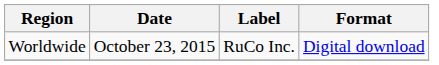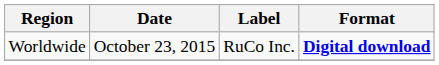 <table class=wikitable>
 <tr>
 <th>Region</th>
 <th>Date</th>
 <th>Label</th>
 <th>Format</th>
 </tr>
 <tr>
 <td>Worldwide</td>
 <td>October 23, 2015</td>
 <td>RuCo Inc.</td>
-<td><a href='#'>Digital download</a></td>
+<td><strong><a href='#'>Digital download</a></strong></td>
 </tr>
 <tr>
 </tr>
 </table>
